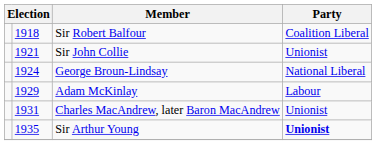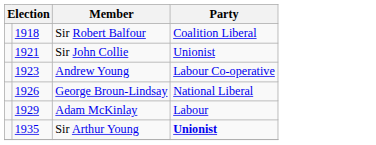 <table class="wikitable">
 <tr>
 <th colspan="2">Election</th>
 <th>Member  </th>
 <th>Party</th>
 </tr>
 <tr>
 <td style="color:inherit;background-color: "></td>
 <td><a href='#'>1918</a></td>
 <td>Sir <a href='#'>Robert Balfour</a></td>
 <td><a href='#'>Coalition Liberal</a></td>
 </tr>
 <tr>
 <td style="color:inherit;background-color: "></td>
 <td><a href='#'>1921</a></td>
 <td>Sir <a href='#'>John Collie</a></td>
 <td><a href='#'>Unionist</a></td>
 </tr>
 <tr>
 <td style="color:inherit;background-color: "></td>
-<td><a href='#'>1924</a></td>
+<td><a href='#'>1923</a></td>
+<td><a href='#'>Andrew Young</a></td>
+<td><a href='#'>Labour Co-operative</a></td>
+</tr>
+<tr>
+<td style="color:inherit;background-color: "></td>
+<td><a href='#'>1926</a></td>
 <td><a href='#'>George Broun-Lindsay</a></td>
 <td><a href='#'>National Liberal</a></td>
 </tr>
 <tr>
 <td style="color:inherit;background-color: "></td>
 <td><a href='#'>1929</a></td>
 <td><a href='#'>Adam McKinlay</a></td>
 <td><a href='#'>Labour</a></td>
 </tr>
 <tr>
 <td style="color:inherit;background-color: "></td>
-<td><a href='#'>1931</a></td>
-<td><a href='#'>Charles MacAndrew</a>, later <a href='#'>Baron MacAndrew</a></td>
-<td><a href='#'>Unionist</a></td>
-</tr>
-<tr>
-<td style="color:inherit;background-color: "></td>
 <td><a href='#'>1935</a></td>
 <td>Sir <a href='#'>Arthur Young</a></td>
 <td><strong><a href='#'>Unionist</a></strong></td>
 </tr>
 <tr>
 </tr>
 </table>
